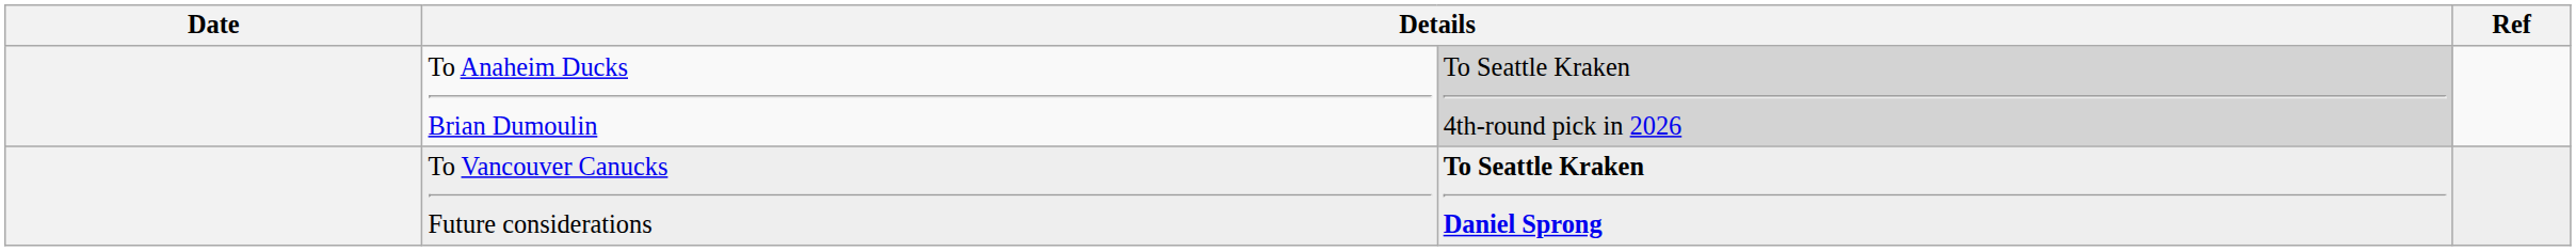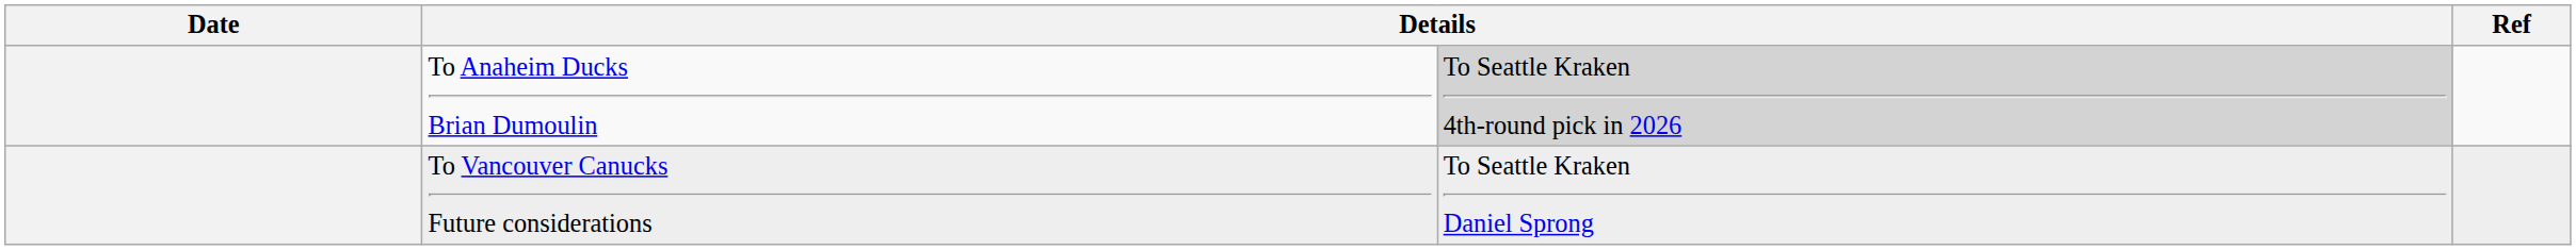 <table class="wikitable" width=100%>
 <tr>
 <th style="width: 10em;">Date</th>
 <th colspan=2>Details</th>
 <th style="width: 2.5em;">Ref</th>
 </tr>
 <tr>
 <th scope="row"></th>
 <td style="width: 25em;" valign="top">To <a href='#'>Anaheim Ducks</a><hr><a href='#'>Brian Dumoulin</a></td>
 <td style="background: lightgrey; width: 25em;" valign="top">To Seattle Kraken<hr>4th-round pick in <a href='#'>2026</a></td>
 <td></td>
 </tr>
 <tr bgcolor="eeeeee">
 <th scope="row"></th>
 <td style="width: 25em;" valign="top">To <a href='#'>Vancouver Canucks</a><hr>Future considerations</td>
-<td style="width: 25em;" valign="top"><strong>To Seattle Kraken<hr><a href='#'>Daniel Sprong</a></strong></td>
+<td style="width: 25em;" valign="top">To Seattle Kraken<hr><a href='#'>Daniel Sprong</a></td>
 <td></td>
 </tr>
 </table>
